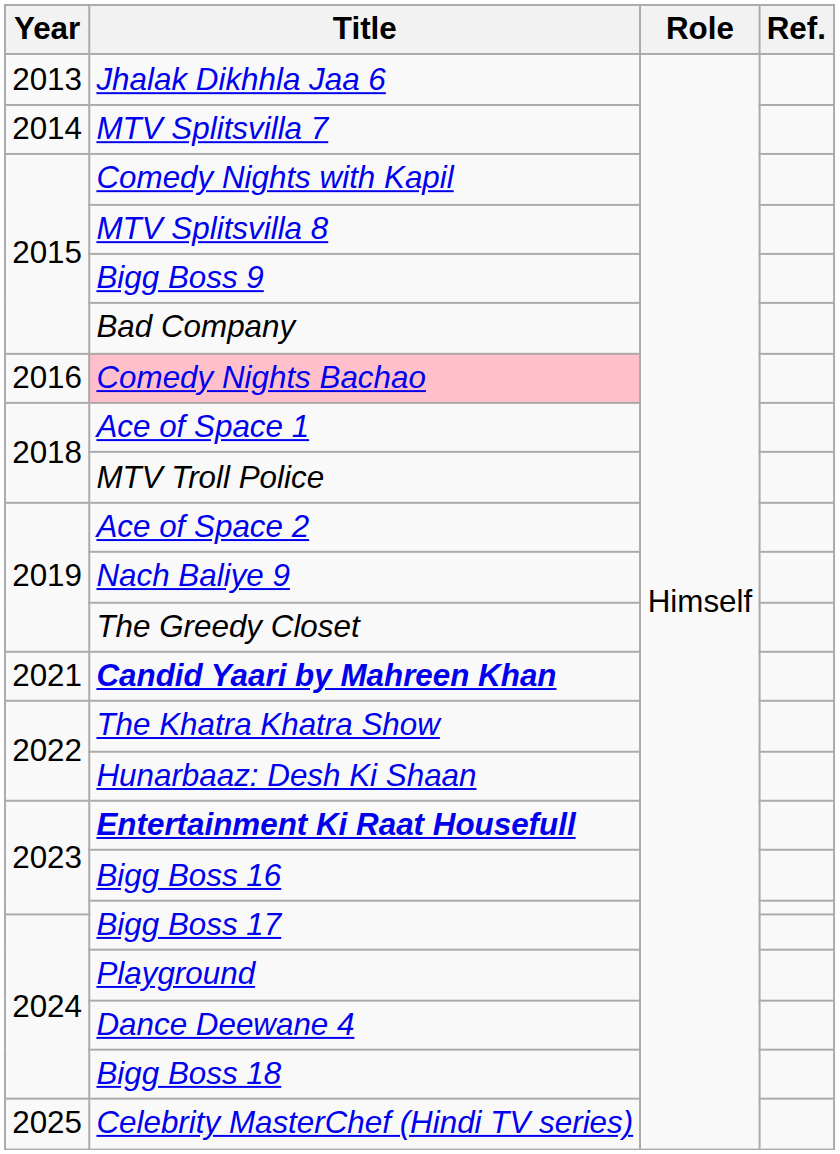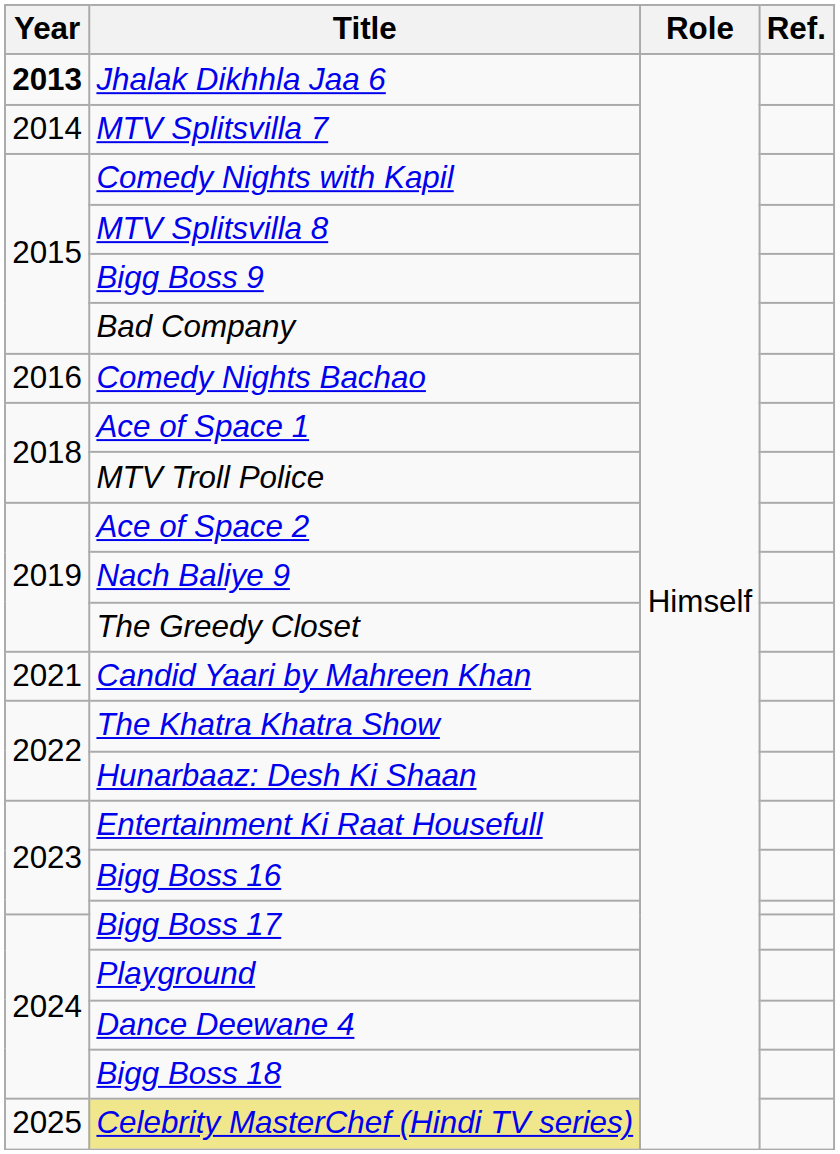 <table class="wikitable">
 <tr>
 <th>Year</th>
 <th>Title</th>
 <th>Role</th>
 <th>Ref.</th>
 </tr>
 <tr>
-<td>2013</td>
+<td><strong>2013</strong></td>
 <td><em><a href='#'>Jhalak Dikhhla Jaa 6</a></em></td>
 <td rowspan="23">Himself</td>
 <td></td>
 </tr>
 <tr>
 <td>2014</td>
 <td><em><a href='#'>MTV Splitsvilla 7</a></em></td>
 <td></td>
 </tr>
 <tr>
 <td rowspan="4">2015</td>
 <td><em><a href='#'>Comedy Nights with Kapil</a></em></td>
 <td></td>
 </tr>
 <tr>
 <td><em><a href='#'>MTV Splitsvilla 8</a></em></td>
 <td></td>
 </tr>
 <tr>
 <td><em><a href='#'>Bigg Boss 9</a></em></td>
 <td></td>
 </tr>
 <tr>
 <td><em>Bad Company</em></td>
 <td></td>
 </tr>
 <tr>
 <td>2016</td>
-<td style="background: pink;"><em><a href='#'>Comedy Nights Bachao</a></em></td>
+<td><em><a href='#'>Comedy Nights Bachao</a></em></td>
 <td></td>
 </tr>
 <tr>
 <td rowspan="2">2018</td>
 <td><em><a href='#'>Ace of Space 1</a></em></td>
 <td></td>
 </tr>
 <tr>
 <td><em>MTV Troll Police</em></td>
 <td></td>
 </tr>
 <tr>
 <td rowspan="3">2019</td>
 <td><em><a href='#'>Ace of Space 2</a></em></td>
 <td></td>
 </tr>
 <tr>
 <td><em><a href='#'>Nach Baliye 9</a></em></td>
 <td></td>
 </tr>
 <tr>
 <td><em>The Greedy Closet</em></td>
 <td></td>
 </tr>
 <tr>
 <td>2021</td>
-<td><strong><em><a href='#'>Candid Yaari by Mahreen Khan</a></em></strong></td>
+<td><em><a href='#'>Candid Yaari by Mahreen Khan</a></em></td>
 <td></td>
 </tr>
 <tr>
 <td rowspan="2">2022</td>
 <td><em><a href='#'>The Khatra Khatra Show</a></em></td>
 <td></td>
 </tr>
 <tr>
 <td><em><a href='#'>Hunarbaaz: Desh Ki Shaan</a></em></td>
 <td></td>
 </tr>
 <tr>
 <td rowspan="3">2023</td>
-<td><strong><em><a href='#'>Entertainment Ki Raat Housefull</a></em></strong></td>
+<td><em><a href='#'>Entertainment Ki Raat Housefull</a></em></td>
 <td></td>
 </tr>
 <tr>
 <td><em><a href='#'>Bigg Boss 16</a></em></td>
 <td></td>
 </tr>
 <tr>
 <td rowspan="2"><em><a href='#'>Bigg Boss 17</a></em></td>
 <td></td>
 </tr>
 <tr>
 <td rowspan="4">2024</td>
 <td></td>
 </tr>
 <tr>
 <td><em><a href='#'>Playground</a></em></td>
 <td></td>
 </tr>
 <tr>
 <td><em><a href='#'>Dance Deewane 4</a></em></td>
 <td></td>
 </tr>
 <tr>
 <td><em><a href='#'>Bigg Boss 18</a></em></td>
 <td></td>
 </tr>
 <tr>
 <td>2025</td>
-<td><em><a href='#'>Celebrity MasterChef (Hindi TV series)</a></em></td>
+<td style="background: khaki;"><em><a href='#'>Celebrity MasterChef (Hindi TV series)</a></em></td>
 <td></td>
 </tr>
 </table>
